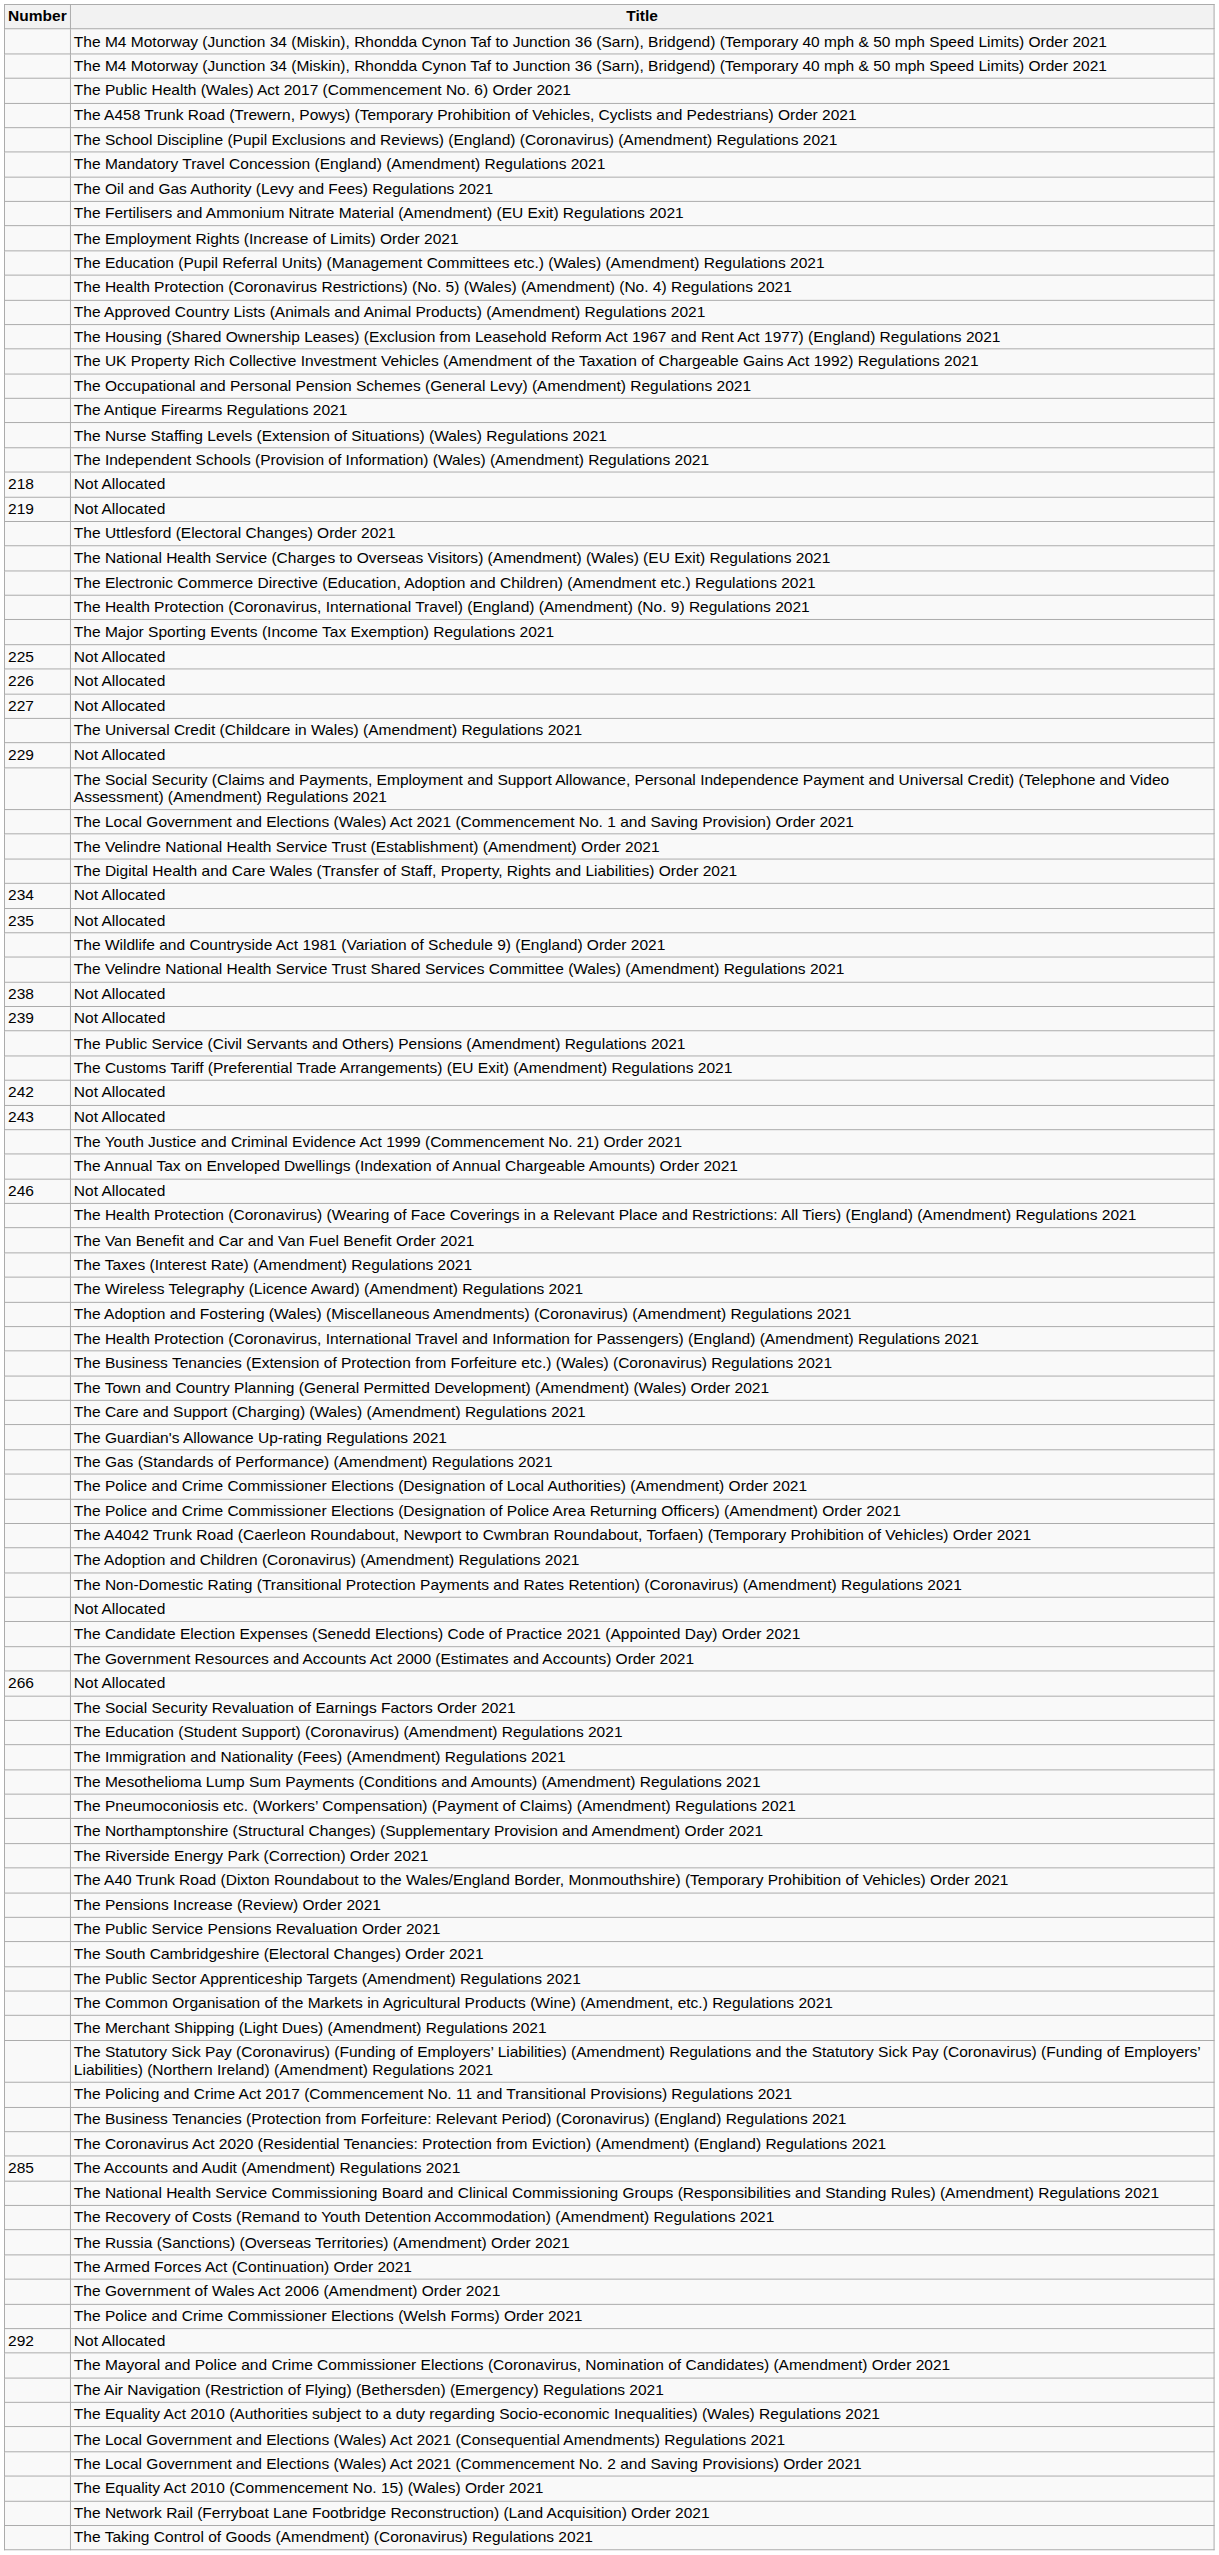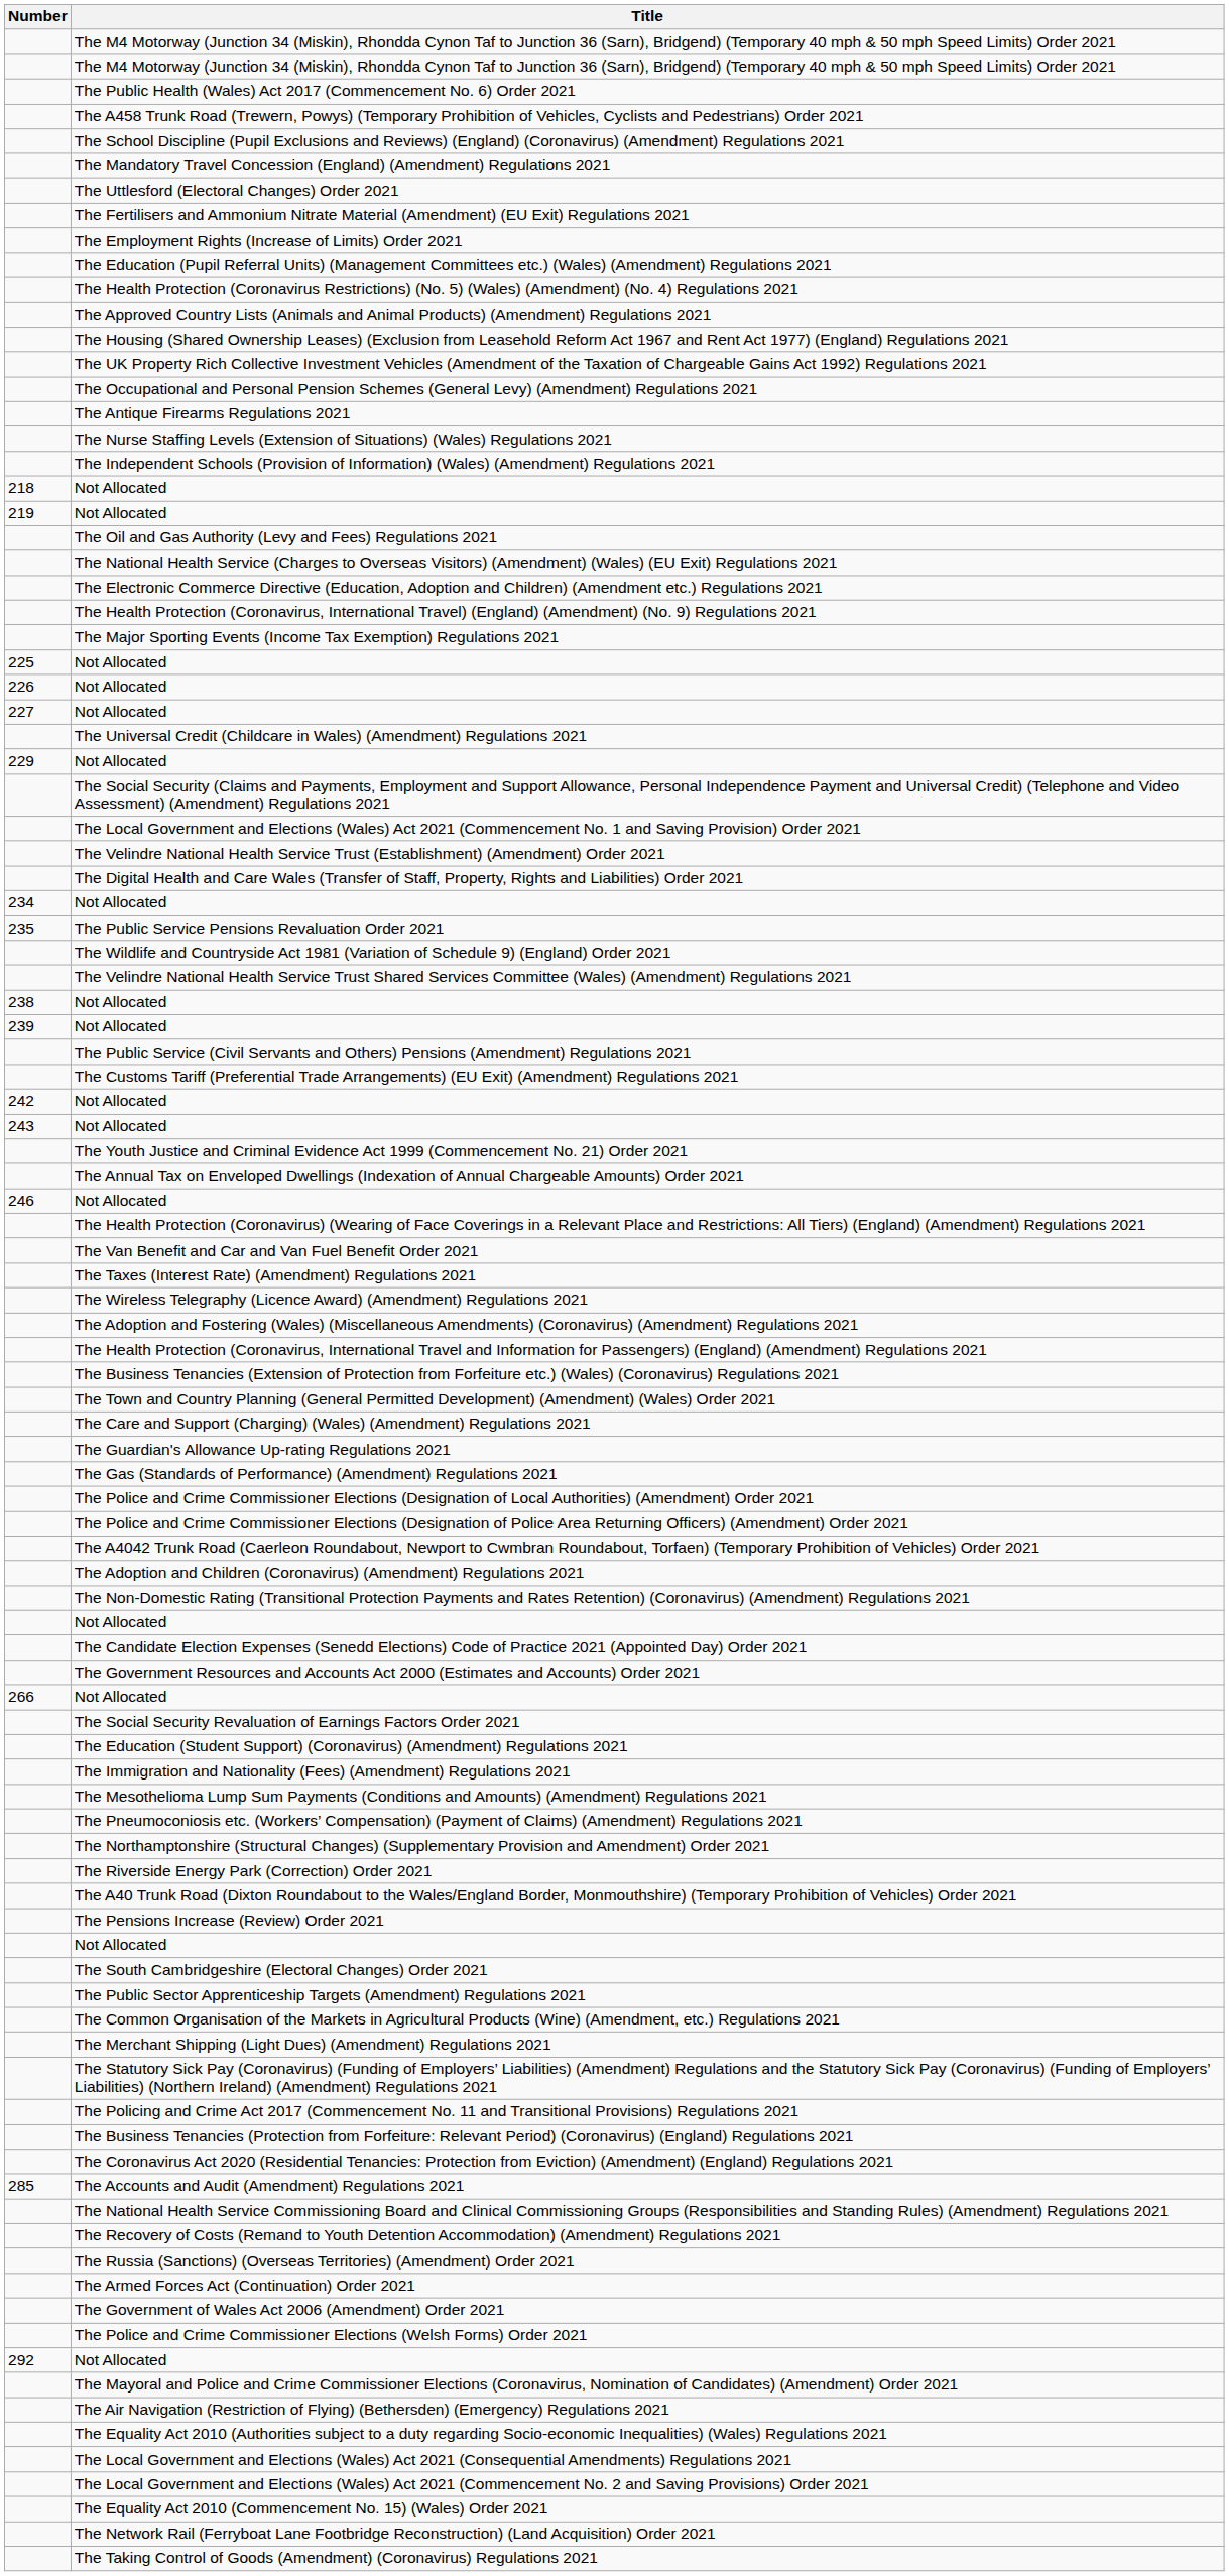 <table class="wikitable collapsible">
 <tr>
 <th>Number</th>
 <th>Title</th>
 </tr>
 <tr>
 <td></td>
 <td>The M4 Motorway (Junction 34 (Miskin), Rhondda Cynon Taf to Junction 36 (Sarn), Bridgend) (Temporary 40 mph & 50 mph Speed Limits) Order 2021</td>
 </tr>
 <tr>
 <td></td>
 <td>The M4 Motorway (Junction 34 (Miskin), Rhondda Cynon Taf to Junction 36 (Sarn), Bridgend) (Temporary 40 mph & 50 mph Speed Limits) Order 2021</td>
 </tr>
 <tr>
 <td></td>
 <td>The Public Health (Wales) Act 2017 (Commencement No. 6) Order 2021</td>
 </tr>
 <tr>
 <td></td>
 <td>The A458 Trunk Road (Trewern, Powys) (Temporary Prohibition of Vehicles, Cyclists and Pedestrians) Order 2021</td>
 </tr>
 <tr>
 <td></td>
 <td>The School Discipline (Pupil Exclusions and Reviews) (England) (Coronavirus) (Amendment) Regulations 2021</td>
 </tr>
 <tr>
 <td></td>
 <td>The Mandatory Travel Concession (England) (Amendment) Regulations 2021</td>
 </tr>
 <tr>
 <td></td>
-<td>The Oil and Gas Authority (Levy and Fees) Regulations 2021</td>
+<td>The Uttlesford (Electoral Changes) Order 2021</td>
 </tr>
 <tr>
 <td></td>
 <td>The Fertilisers and Ammonium Nitrate Material (Amendment) (EU Exit) Regulations 2021</td>
 </tr>
 <tr>
 <td></td>
 <td>The Employment Rights (Increase of Limits) Order 2021</td>
 </tr>
 <tr>
 <td></td>
 <td>The Education (Pupil Referral Units) (Management Committees etc.) (Wales) (Amendment) Regulations 2021</td>
 </tr>
 <tr>
 <td></td>
 <td>The Health Protection (Coronavirus Restrictions) (No. 5) (Wales) (Amendment) (No. 4) Regulations 2021</td>
 </tr>
 <tr>
 <td></td>
 <td>The Approved Country Lists (Animals and Animal Products) (Amendment) Regulations 2021</td>
 </tr>
 <tr>
 <td></td>
 <td>The Housing (Shared Ownership Leases) (Exclusion from Leasehold Reform Act 1967 and Rent Act 1977) (England) Regulations 2021</td>
 </tr>
 <tr>
 <td></td>
 <td>The UK Property Rich Collective Investment Vehicles (Amendment of the Taxation of Chargeable Gains Act 1992) Regulations 2021</td>
 </tr>
 <tr>
 <td></td>
 <td>The Occupational and Personal Pension Schemes (General Levy) (Amendment) Regulations 2021</td>
 </tr>
 <tr>
 <td></td>
 <td>The Antique Firearms Regulations 2021</td>
 </tr>
 <tr>
 <td></td>
 <td>The Nurse Staffing Levels (Extension of Situations) (Wales) Regulations 2021</td>
 </tr>
 <tr>
 <td></td>
 <td>The Independent Schools (Provision of Information) (Wales) (Amendment) Regulations 2021</td>
 </tr>
 <tr>
 <td>218</td>
 <td>Not Allocated</td>
 </tr>
 <tr>
 <td>219</td>
 <td>Not Allocated</td>
 </tr>
 <tr>
 <td></td>
-<td>The Uttlesford (Electoral Changes) Order 2021</td>
+<td>The Oil and Gas Authority (Levy and Fees) Regulations 2021</td>
 </tr>
 <tr>
 <td></td>
 <td>The National Health Service (Charges to Overseas Visitors) (Amendment) (Wales) (EU Exit) Regulations 2021</td>
 </tr>
 <tr>
 <td></td>
 <td>The Electronic Commerce Directive (Education, Adoption and Children) (Amendment etc.) Regulations 2021</td>
 </tr>
 <tr>
 <td></td>
 <td>The Health Protection (Coronavirus, International Travel) (England) (Amendment) (No. 9) Regulations 2021</td>
 </tr>
 <tr>
 <td></td>
 <td>The Major Sporting Events (Income Tax Exemption) Regulations 2021</td>
 </tr>
 <tr>
 <td>225</td>
 <td>Not Allocated</td>
 </tr>
 <tr>
 <td>226</td>
 <td>Not Allocated</td>
 </tr>
 <tr>
 <td>227</td>
 <td>Not Allocated</td>
 </tr>
 <tr>
 <td></td>
 <td>The Universal Credit (Childcare in Wales) (Amendment) Regulations 2021</td>
 </tr>
 <tr>
 <td>229</td>
 <td>Not Allocated</td>
 </tr>
 <tr>
 <td></td>
 <td>The Social Security (Claims and Payments, Employment and Support Allowance, Personal Independence Payment and Universal Credit) (Telephone and Video Assessment) (Amendment) Regulations 2021</td>
 </tr>
 <tr>
 <td></td>
 <td>The Local Government and Elections (Wales) Act 2021 (Commencement No. 1 and Saving Provision) Order 2021</td>
 </tr>
 <tr>
 <td></td>
 <td>The Velindre National Health Service Trust (Establishment) (Amendment) Order 2021</td>
 </tr>
 <tr>
 <td></td>
 <td>The Digital Health and Care Wales (Transfer of Staff, Property, Rights and Liabilities) Order 2021</td>
 </tr>
 <tr>
 <td>234</td>
 <td>Not Allocated</td>
 </tr>
 <tr>
 <td>235</td>
-<td>Not Allocated</td>
+<td>The Public Service Pensions Revaluation Order 2021</td>
 </tr>
 <tr>
 <td></td>
 <td>The Wildlife and Countryside Act 1981 (Variation of Schedule 9) (England) Order 2021</td>
 </tr>
 <tr>
 <td></td>
 <td>The Velindre National Health Service Trust Shared Services Committee (Wales) (Amendment) Regulations 2021</td>
 </tr>
 <tr>
 <td>238</td>
 <td>Not Allocated</td>
 </tr>
 <tr>
 <td>239</td>
 <td>Not Allocated</td>
 </tr>
 <tr>
 <td></td>
 <td>The Public Service (Civil Servants and Others) Pensions (Amendment) Regulations 2021</td>
 </tr>
 <tr>
 <td></td>
 <td>The Customs Tariff (Preferential Trade Arrangements) (EU Exit) (Amendment) Regulations 2021</td>
 </tr>
 <tr>
 <td>242</td>
 <td>Not Allocated</td>
 </tr>
 <tr>
 <td>243</td>
 <td>Not Allocated</td>
 </tr>
 <tr>
 <td></td>
 <td>The Youth Justice and Criminal Evidence Act 1999 (Commencement No. 21) Order 2021</td>
 </tr>
 <tr>
 <td></td>
 <td>The Annual Tax on Enveloped Dwellings (Indexation of Annual Chargeable Amounts) Order 2021</td>
 </tr>
 <tr>
 <td>246</td>
 <td>Not Allocated</td>
 </tr>
 <tr>
 <td></td>
 <td>The Health Protection (Coronavirus) (Wearing of Face Coverings in a Relevant Place and Restrictions: All Tiers) (England) (Amendment) Regulations 2021</td>
 </tr>
 <tr>
 <td></td>
 <td>The Van Benefit and Car and Van Fuel Benefit Order 2021</td>
 </tr>
 <tr>
 <td></td>
 <td>The Taxes (Interest Rate) (Amendment) Regulations 2021</td>
 </tr>
 <tr>
 <td></td>
 <td>The Wireless Telegraphy (Licence Award) (Amendment) Regulations 2021</td>
 </tr>
 <tr>
 <td></td>
 <td>The Adoption and Fostering (Wales) (Miscellaneous Amendments) (Coronavirus) (Amendment) Regulations 2021</td>
 </tr>
 <tr>
 <td></td>
 <td>The Health Protection (Coronavirus, International Travel and Information for Passengers) (England) (Amendment) Regulations 2021</td>
 </tr>
 <tr>
 <td></td>
 <td>The Business Tenancies (Extension of Protection from Forfeiture etc.) (Wales) (Coronavirus) Regulations 2021</td>
 </tr>
 <tr>
 <td></td>
 <td>The Town and Country Planning (General Permitted Development) (Amendment) (Wales) Order 2021</td>
 </tr>
 <tr>
 <td></td>
 <td>The Care and Support (Charging) (Wales) (Amendment) Regulations 2021</td>
 </tr>
 <tr>
 <td></td>
 <td>The Guardian's Allowance Up-rating Regulations 2021</td>
 </tr>
 <tr>
 <td></td>
 <td>The Gas (Standards of Performance) (Amendment) Regulations 2021</td>
 </tr>
 <tr>
 <td></td>
 <td>The Police and Crime Commissioner Elections (Designation of Local Authorities) (Amendment) Order 2021</td>
 </tr>
 <tr>
 <td></td>
 <td>The Police and Crime Commissioner Elections (Designation of Police Area Returning Officers) (Amendment) Order 2021</td>
 </tr>
 <tr>
 <td></td>
 <td>The A4042 Trunk Road (Caerleon Roundabout, Newport to Cwmbran Roundabout, Torfaen) (Temporary Prohibition of Vehicles) Order 2021</td>
 </tr>
 <tr>
 <td></td>
 <td>The Adoption and Children (Coronavirus) (Amendment) Regulations 2021</td>
 </tr>
 <tr>
 <td></td>
 <td>The Non-Domestic Rating (Transitional Protection Payments and Rates Retention) (Coronavirus) (Amendment) Regulations 2021</td>
 </tr>
 <tr>
 <td></td>
 <td>Not Allocated</td>
 </tr>
 <tr>
 <td></td>
 <td>The Candidate Election Expenses (Senedd Elections) Code of Practice 2021 (Appointed Day) Order 2021</td>
 </tr>
 <tr>
 <td></td>
 <td>The Government Resources and Accounts Act 2000 (Estimates and Accounts) Order 2021</td>
 </tr>
 <tr>
 <td>266</td>
 <td>Not Allocated</td>
 </tr>
 <tr>
 <td></td>
 <td>The Social Security Revaluation of Earnings Factors Order 2021</td>
 </tr>
 <tr>
 <td></td>
 <td>The Education (Student Support) (Coronavirus) (Amendment) Regulations 2021</td>
 </tr>
 <tr>
 <td></td>
 <td>The Immigration and Nationality (Fees) (Amendment) Regulations 2021</td>
 </tr>
 <tr>
 <td></td>
 <td>The Mesothelioma Lump Sum Payments (Conditions and Amounts) (Amendment) Regulations 2021</td>
 </tr>
 <tr>
 <td></td>
 <td>The Pneumoconiosis etc. (Workers’ Compensation) (Payment of Claims) (Amendment) Regulations 2021</td>
 </tr>
 <tr>
 <td></td>
 <td>The Northamptonshire (Structural Changes) (Supplementary Provision and Amendment) Order 2021</td>
 </tr>
 <tr>
 <td></td>
 <td>The Riverside Energy Park (Correction) Order 2021</td>
 </tr>
 <tr>
 <td></td>
 <td>The A40 Trunk Road (Dixton Roundabout to the Wales/England Border, Monmouthshire) (Temporary Prohibition of Vehicles) Order 2021</td>
 </tr>
 <tr>
 <td></td>
 <td>The Pensions Increase (Review) Order 2021</td>
 </tr>
 <tr>
 <td></td>
-<td>The Public Service Pensions Revaluation Order 2021</td>
+<td>Not Allocated</td>
 </tr>
 <tr>
 <td></td>
 <td>The South Cambridgeshire (Electoral Changes) Order 2021</td>
 </tr>
 <tr>
 <td></td>
 <td>The Public Sector Apprenticeship Targets (Amendment) Regulations 2021</td>
 </tr>
 <tr>
 <td></td>
 <td>The Common Organisation of the Markets in Agricultural Products (Wine) (Amendment, etc.) Regulations 2021</td>
 </tr>
 <tr>
 <td></td>
 <td>The Merchant Shipping (Light Dues) (Amendment) Regulations 2021</td>
 </tr>
 <tr>
 <td></td>
 <td>The Statutory Sick Pay (Coronavirus) (Funding of Employers’ Liabilities) (Amendment) Regulations and the Statutory Sick Pay (Coronavirus) (Funding of Employers’ Liabilities) (Northern Ireland) (Amendment) Regulations 2021</td>
 </tr>
 <tr>
 <td></td>
 <td>The Policing and Crime Act 2017 (Commencement No. 11 and Transitional Provisions) Regulations 2021</td>
 </tr>
 <tr>
 <td></td>
 <td>The Business Tenancies (Protection from Forfeiture: Relevant Period) (Coronavirus) (England) Regulations 2021</td>
 </tr>
 <tr>
 <td></td>
 <td>The Coronavirus Act 2020 (Residential Tenancies: Protection from Eviction) (Amendment) (England) Regulations 2021</td>
 </tr>
 <tr>
 <td>285</td>
 <td>The Accounts and Audit (Amendment) Regulations 2021</td>
 </tr>
 <tr>
 <td></td>
 <td>The National Health Service Commissioning Board and Clinical Commissioning Groups (Responsibilities and Standing Rules) (Amendment) Regulations 2021</td>
 </tr>
 <tr>
 <td></td>
 <td>The Recovery of Costs (Remand to Youth Detention Accommodation) (Amendment) Regulations 2021</td>
 </tr>
 <tr>
 <td></td>
 <td>The Russia (Sanctions) (Overseas Territories) (Amendment) Order 2021</td>
 </tr>
 <tr>
 <td></td>
 <td>The Armed Forces Act (Continuation) Order 2021</td>
 </tr>
 <tr>
 <td></td>
 <td>The Government of Wales Act 2006 (Amendment) Order 2021</td>
 </tr>
 <tr>
 <td></td>
 <td>The Police and Crime Commissioner Elections (Welsh Forms) Order 2021</td>
 </tr>
 <tr>
 <td>292</td>
 <td>Not Allocated</td>
 </tr>
 <tr>
 <td></td>
 <td>The Mayoral and Police and Crime Commissioner Elections (Coronavirus, Nomination of Candidates) (Amendment) Order 2021</td>
 </tr>
 <tr>
 <td></td>
 <td>The Air Navigation (Restriction of Flying) (Bethersden) (Emergency) Regulations 2021</td>
 </tr>
 <tr>
 <td></td>
 <td>The Equality Act 2010 (Authorities subject to a duty regarding Socio-economic Inequalities) (Wales) Regulations 2021</td>
 </tr>
 <tr>
 <td></td>
 <td>The Local Government and Elections (Wales) Act 2021 (Consequential Amendments) Regulations 2021</td>
 </tr>
 <tr>
 <td></td>
 <td>The Local Government and Elections (Wales) Act 2021 (Commencement No. 2 and Saving Provisions) Order 2021</td>
 </tr>
 <tr>
 <td></td>
 <td>The Equality Act 2010 (Commencement No. 15) (Wales) Order 2021</td>
 </tr>
 <tr>
 <td></td>
 <td>The Network Rail (Ferryboat Lane Footbridge Reconstruction) (Land Acquisition) Order 2021</td>
 </tr>
 <tr>
 <td></td>
 <td>The Taking Control of Goods (Amendment) (Coronavirus) Regulations 2021</td>
 </tr>
 </table>
